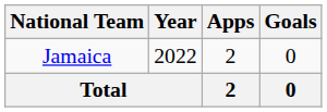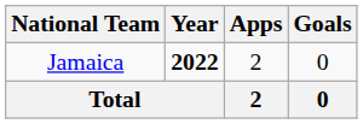 <table class="wikitable" style="text-align: center;">
 <tr>
 <th>National Team</th>
 <th>Year</th>
 <th>Apps</th>
 <th>Goals</th>
 </tr>
 <tr>
 <td><a href='#'>Jamaica</a></td>
-<td>2022</td>
+<td><strong>2022</strong></td>
 <td>2</td>
 <td>0</td>
 </tr>
 <tr>
 <th colspan="2"><strong>Total</strong></th>
 <th><strong>2</strong></th>
 <th><strong>0</strong></th>
 </tr>
 </table>
